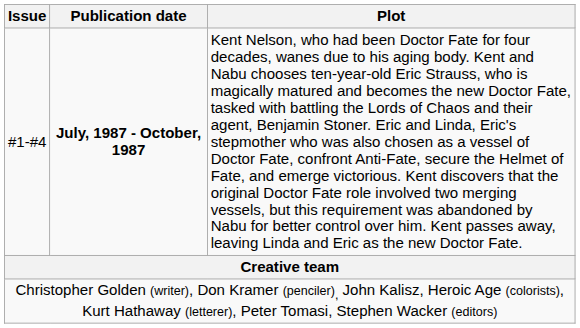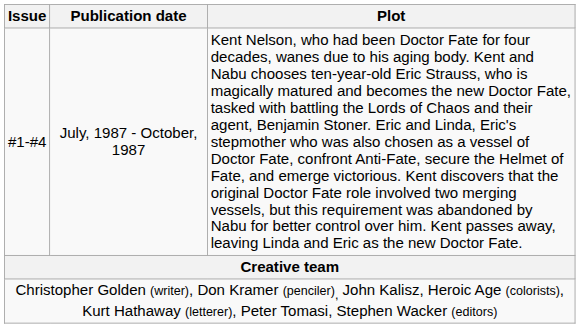 <table class="wikitable" style="text-align: center">
 <tr>
 <th>Issue</th>
 <th style="width: 10em">Publication date</th>
 <th>Plot</th>
 </tr>
 <tr>
 <td>#1-#4</td>
-<td><strong>July, 1987 - October, 1987</strong></td>
+<td>July, 1987 - October, 1987</td>
 <td align="left">Kent Nelson, who had been Doctor Fate for four decades, wanes due to his aging body. Kent and Nabu chooses ten-year-old Eric Strauss, who is magically matured and becomes the new Doctor Fate, tasked with battling the Lords of Chaos and their agent, Benjamin Stoner. Eric and Linda, Eric's stepmother who was also chosen as a vessel of Doctor Fate, confront Anti-Fate, secure the Helmet of Fate, and emerge victorious. Kent discovers that the original Doctor Fate role involved two merging vessels, but this requirement was abandoned by Nabu for better control over him. Kent passes away, leaving Linda and Eric as the new Doctor Fate.</td>
 </tr>
 <tr>
 <th colspan="3">Creative team</th>
 </tr>
 <tr>
 <td colspan="3">Christopher Golden <small>(writer)</small>,  Don Kramer <small>(penciler)</small><sub>,</sub> John Kalisz, Heroic Age <small>(colorists)</small>, Kurt Hathaway <small>(letterer)</small>, Peter Tomasi, Stephen Wacker <small>(editors)</small></td>
 </tr>
 </table>
